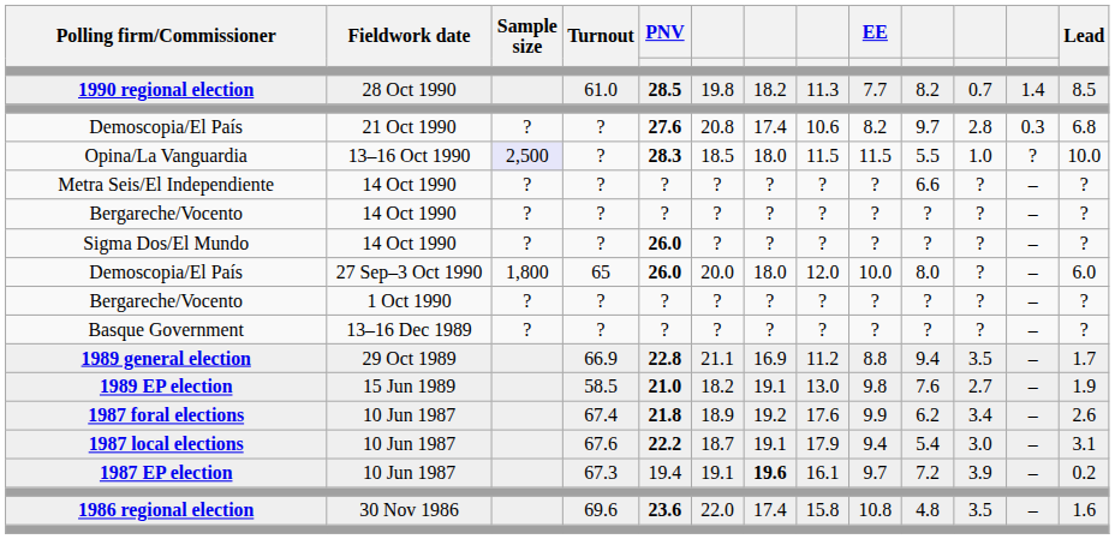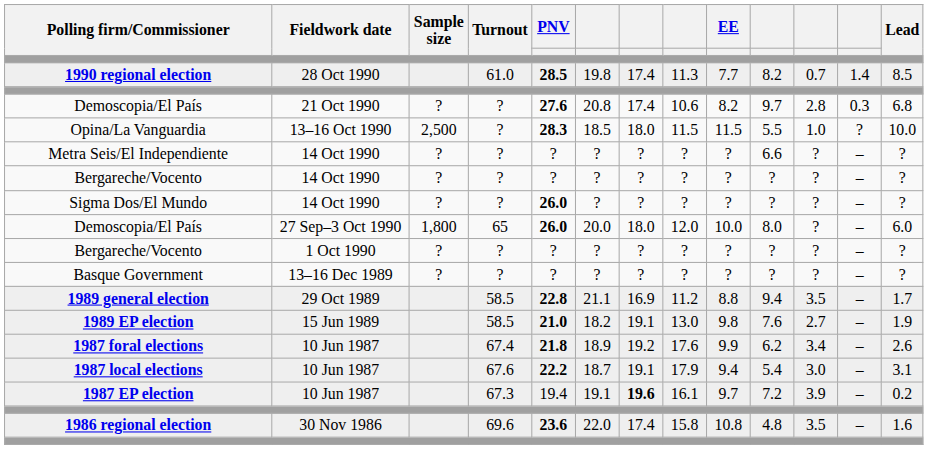 <table class="wikitable collapsible collapsed" style="text-align:center; font-size:95%; line-height:16px;">
 <tr style="height:42px;">
 <th style="width:250px;" rowspan="2">Polling firm/Commissioner</th>
 <th style="width:125px;" rowspan="2">Fieldwork date</th>
 <th style="width:50px;" rowspan="2">Sample size</th>
 <th style="width:45px;" rowspan="2">Turnout</th>
 <th style="width:35px;"><a href='#'>PNV</a></th>
 <th style="width:35px;"></th>
 <th style="width:35px;"></th>
 <th style="width:35px;"></th>
 <th style="width:35px;"><a href='#'>EE</a></th>
 <th style="width:35px;"></th>
 <th style="width:35px;"></th>
 <th style="width:35px;"></th>
 <th style="width:30px;" rowspan="2">Lead</th>
 </tr>
 <tr>
 <th style="color:inherit;background:"></th>
 <th style="color:inherit;background:"></th>
 <th style="color:inherit;background:"></th>
 <th style="color:inherit;background:"></th>
 <th style="color:inherit;background:"></th>
 <th style="color:inherit;background:"></th>
 <th style="color:inherit;background:"></th>
 <th style="color:inherit;background:"></th>
 </tr>
 <tr>
 <td colspan="13" style="background:#A0A0A0"></td>
 </tr>
 <tr style="background:#EFEFEF;">
 <td><strong><a href='#'>1990 regional election</a></strong></td>
 <td>28 Oct 1990</td>
 <td></td>
 <td>61.0</td>
 <td><strong>28.5</strong><br></td>
 <td>19.8<br></td>
-<td>18.2<br></td>
+<td>17.4<br></td>
 <td>11.3<br></td>
 <td>7.7<br></td>
 <td>8.2<br></td>
 <td>0.7<br></td>
 <td>1.4<br></td>
 <td style="background:">8.5</td>
 </tr>
 <tr>
 <td colspan="13" style="background:#A0A0A0"></td>
 </tr>
 <tr>
 <td>Demoscopia/El País</td>
 <td>21 Oct 1990</td>
 <td>?</td>
 <td>?</td>
 <td><strong>27.6</strong><br></td>
 <td>20.8<br></td>
 <td>17.4<br></td>
 <td>10.6<br></td>
 <td>8.2<br></td>
 <td>9.7<br></td>
 <td>2.8<br></td>
 <td>0.3<br></td>
 <td style="background:">6.8</td>
 </tr>
 <tr>
 <td>Opina/La Vanguardia</td>
 <td>13–16 Oct 1990</td>
-<td style="background: lavender;">2,500</td>
+<td>2,500</td>
 <td>?</td>
 <td><strong>28.3</strong><br></td>
 <td>18.5<br></td>
 <td>18.0<br></td>
 <td>11.5<br></td>
 <td>11.5<br></td>
 <td>5.5<br></td>
 <td>1.0<br></td>
 <td>?<br></td>
 <td style="background:">10.0</td>
 </tr>
 <tr>
 <td>Metra Seis/El Independiente</td>
 <td>14 Oct 1990</td>
 <td>?</td>
 <td>?</td>
 <td>?<br></td>
 <td>?<br></td>
 <td>?<br></td>
 <td>?<br></td>
 <td>?<br></td>
 <td>6.6<br></td>
 <td>?<br></td>
 <td>–</td>
 <td style="background:">?</td>
 </tr>
 <tr>
 <td>Bergareche/Vocento</td>
 <td>14 Oct 1990</td>
 <td>?</td>
 <td>?</td>
 <td>?<br></td>
 <td>?<br></td>
 <td>?<br></td>
 <td>?<br></td>
 <td>?<br></td>
 <td>?<br></td>
 <td>?<br></td>
 <td>–</td>
 <td style="background:">?</td>
 </tr>
 <tr>
 <td>Sigma Dos/El Mundo</td>
 <td>14 Oct 1990</td>
 <td>?</td>
 <td>?</td>
 <td><strong>26.0</strong><br></td>
 <td>?<br></td>
 <td>?<br></td>
 <td>?<br></td>
 <td>?<br></td>
 <td>?<br></td>
 <td>?<br></td>
 <td>–</td>
 <td style="background:">?</td>
 </tr>
 <tr>
 <td>Demoscopia/El País</td>
 <td>27 Sep–3 Oct 1990</td>
 <td>1,800</td>
 <td>65</td>
 <td><strong>26.0</strong><br></td>
 <td>20.0<br></td>
 <td>18.0<br></td>
 <td>12.0<br></td>
 <td>10.0<br></td>
 <td>8.0<br></td>
 <td>?<br></td>
 <td>–</td>
 <td style="background:">6.0</td>
 </tr>
 <tr>
 <td>Bergareche/Vocento</td>
 <td>1 Oct 1990</td>
 <td>?</td>
 <td>?</td>
 <td>?<br></td>
 <td>?<br></td>
 <td>?<br></td>
 <td>?<br></td>
 <td>?<br></td>
 <td>?<br></td>
 <td>?<br></td>
 <td>–</td>
 <td style="background:">?</td>
 </tr>
 <tr>
 <td>Basque Government</td>
 <td>13–16 Dec 1989</td>
 <td>?</td>
 <td>?</td>
 <td>?<br></td>
 <td>?<br></td>
 <td>?<br></td>
 <td>?<br></td>
 <td>?<br></td>
 <td>?<br></td>
 <td>?<br></td>
 <td>–</td>
 <td style="background:">?</td>
 </tr>
 <tr style="background:#EFEFEF;">
 <td><strong><a href='#'>1989 general election</a></strong></td>
 <td>29 Oct 1989</td>
 <td></td>
-<td>66.9</td>
+<td>58.5</td>
 <td><strong>22.8</strong><br></td>
 <td>21.1<br></td>
 <td>16.9<br></td>
 <td>11.2<br></td>
 <td>8.8<br></td>
 <td>9.4<br></td>
 <td>3.5<br></td>
 <td>–</td>
 <td style="background:">1.7</td>
 </tr>
 <tr style="background:#EFEFEF;">
 <td><strong><a href='#'>1989 EP election</a></strong></td>
 <td>15 Jun 1989</td>
 <td></td>
 <td>58.5</td>
 <td><strong>21.0</strong><br></td>
 <td>18.2<br></td>
 <td>19.1<br></td>
 <td>13.0<br></td>
 <td>9.8<br></td>
 <td>7.6<br></td>
 <td>2.7<br></td>
 <td>–</td>
 <td style="background:">1.9</td>
 </tr>
 <tr style="background:#EFEFEF;">
 <td><strong><a href='#'>1987 foral elections</a></strong></td>
 <td>10 Jun 1987</td>
 <td></td>
 <td>67.4</td>
 <td><strong>21.8</strong><br></td>
 <td>18.9<br></td>
 <td>19.2<br></td>
 <td>17.6<br></td>
 <td>9.9<br></td>
 <td>6.2<br></td>
 <td>3.4<br></td>
 <td>–</td>
 <td style="background:">2.6</td>
 </tr>
 <tr style="background:#EFEFEF;">
 <td><strong><a href='#'>1987 local elections</a></strong></td>
 <td>10 Jun 1987</td>
 <td></td>
 <td>67.6</td>
 <td><strong>22.2</strong></td>
 <td>18.7</td>
 <td>19.1</td>
 <td>17.9</td>
 <td>9.4</td>
 <td>5.4</td>
 <td>3.0</td>
 <td>–</td>
 <td style="background:">3.1</td>
 </tr>
 <tr style="background:#EFEFEF;">
 <td><strong><a href='#'>1987 EP election</a></strong></td>
 <td>10 Jun 1987</td>
 <td></td>
 <td>67.3</td>
 <td>19.4<br></td>
 <td>19.1<br></td>
 <td><strong>19.6</strong><br></td>
 <td>16.1<br></td>
 <td>9.7<br></td>
 <td>7.2<br></td>
 <td>3.9<br></td>
 <td>–</td>
 <td style="background:">0.2</td>
 </tr>
 <tr>
 <td colspan="13" style="background:#A0A0A0"></td>
 </tr>
 <tr style="background:#EFEFEF;">
 <td><strong><a href='#'>1986 regional election</a></strong></td>
 <td>30 Nov 1986</td>
 <td></td>
 <td>69.6</td>
 <td><strong>23.6</strong><br></td>
 <td>22.0<br></td>
 <td>17.4<br></td>
 <td>15.8<br></td>
 <td>10.8<br></td>
 <td>4.8<br></td>
 <td>3.5<br></td>
 <td>–</td>
 <td style="background:">1.6</td>
 </tr>
 <tr>
 <td colspan="13" style="background:#A0A0A0"></td>
 </tr>
 </table>
